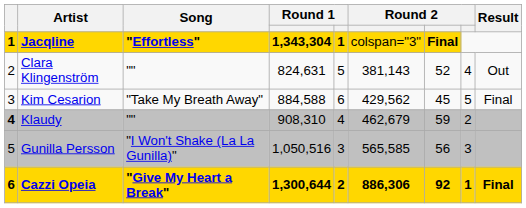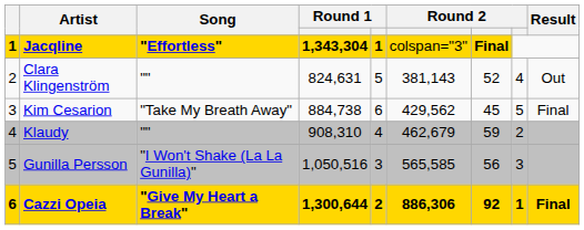 <table class="sortable wikitable" style="margin: 1em auto 1em auto; text-align:center;">
 <tr>
 <th rowspan="2"></th>
 <th rowspan="2">Artist</th>
 <th rowspan="2">Song</th>
 <th colspan="2">Round 1</th>
 <th colspan="3">Round 2</th>
 <th rowspan="2" class="unsortable">Result</th>
 </tr>
 <tr>
 <th><small></small></th>
 <th><small></small></th>
 <th><small></small></th>
 <th><small></small></th>
 <th><small></small></th>
 </tr>
 <tr style="background:gold;">
 <td><strong>1</strong></td>
 <td align="left"><strong><a href='#'>Jacqline</a></strong></td>
 <td align="left"><strong>"<a href='#'>Effortless</a>"</strong></td>
 <td><strong>1,343,304</strong></td>
 <td><strong>1</strong></td>
 <td>colspan="3" </td>
 <td><strong>Final</strong></td>
 </tr>
 <tr>
 <td>2</td>
 <td align="left"><a href='#'>Clara Klingenström</a></td>
 <td align="left">""</td>
 <td>824,631</td>
 <td>5</td>
 <td>381,143</td>
 <td>52</td>
 <td>4</td>
 <td>Out</td>
 </tr>
 <tr>
 <td>3</td>
 <td align="left"><a href='#'>Kim Cesarion</a></td>
 <td align="left">"Take My Breath Away"</td>
-<td>884,588</td>
+<td>884,738</td>
 <td>6</td>
 <td>429,562</td>
 <td>45</td>
 <td>5</td>
 <td>Final</td>
 </tr>
 <tr style="background:silver;">
-<td><strong>4</strong></td>
+<td>4</td>
 <td align="left"><a href='#'>Klaudy</a></td>
 <td align="left">""</td>
 <td>908,310</td>
 <td>4</td>
 <td>462,679</td>
 <td>59</td>
 <td>2</td>
 <td><strong></strong></td>
 </tr>
 <tr style="background:silver;">
 <td>5</td>
 <td align="left"><a href='#'>Gunilla Persson</a></td>
 <td align="left">"<a href='#'>I Won't Shake (La La Gunilla)</a>"</td>
 <td>1,050,516</td>
 <td>3</td>
 <td>565,585</td>
 <td>56</td>
 <td>3</td>
 <td><strong></strong></td>
 </tr>
 <tr style="background:gold; font-weight:bold;">
 <td>6</td>
 <td align="left"><a href='#'>Cazzi Opeia</a></td>
 <td align="left">"<a href='#'>Give My Heart a Break</a>"</td>
 <td>1,300,644</td>
 <td>2</td>
 <td>886,306</td>
 <td>92</td>
 <td>1</td>
 <td>Final</td>
 </tr>
 </table>
